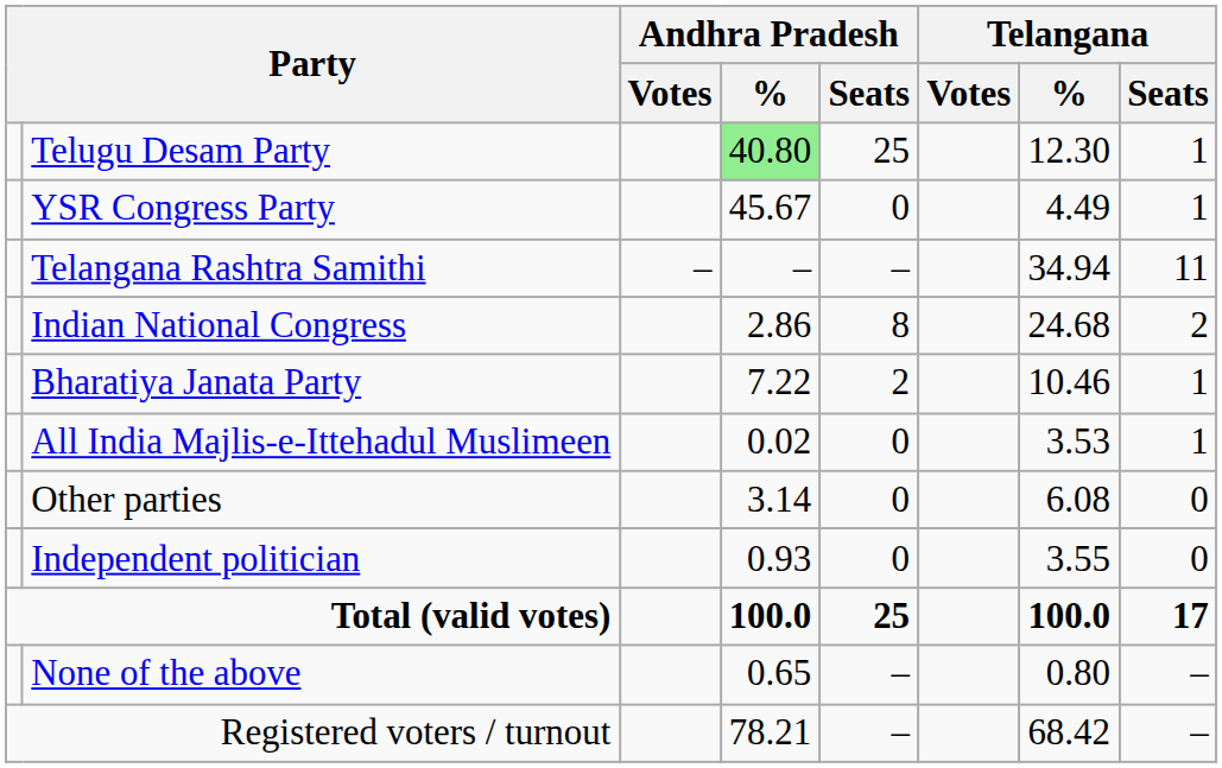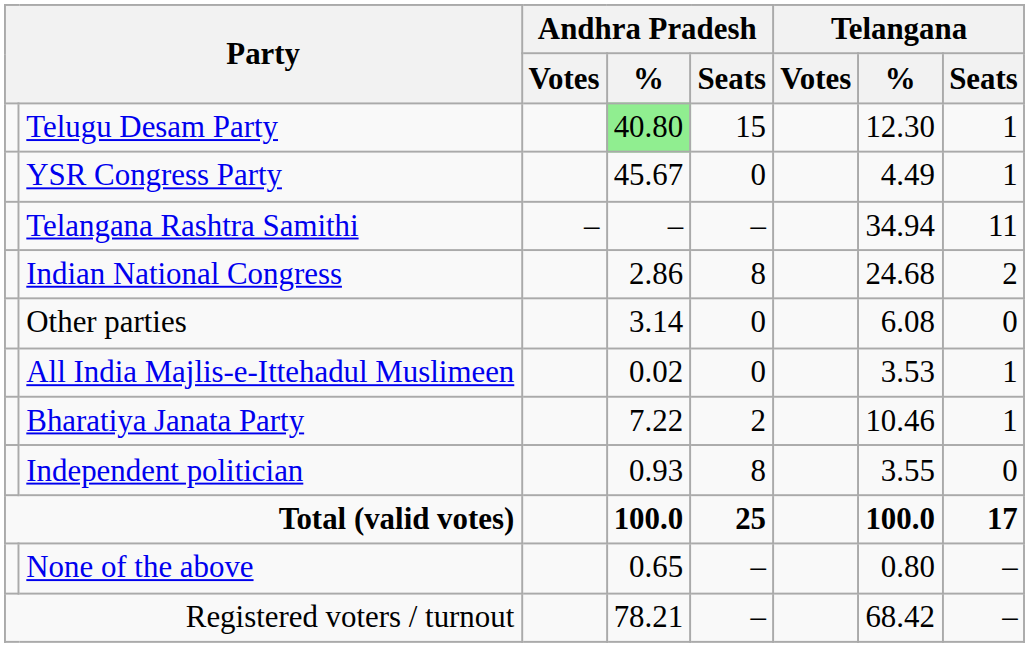 <table class="wikitable sortable" style="text-align:right;">
 <tr>
 <th colspan=2 rowspan=2>Party</th>
 <th colspan=3>Andhra Pradesh</th>
 <th colspan=3>Telangana</th>
 </tr>
 <tr>
 <th>Votes</th>
 <th>%</th>
 <th>Seats</th>
 <th>Votes</th>
 <th>%</th>
 <th>Seats</th>
 </tr>
 <tr>
 <td style="background-color:"></td>
 <td style="text-align:left;"><a href='#'>Telugu Desam Party</a></td>
 <td></td>
 <td style="background: lightgreen;">40.80</td>
-<td>25</td>
+<td>15</td>
 <td></td>
 <td>12.30</td>
 <td>1</td>
 </tr>
 <tr>
 <td style="background-color:"></td>
 <td style="text-align:left;"><a href='#'>YSR Congress Party</a></td>
 <td></td>
 <td>45.67</td>
 <td>0</td>
 <td></td>
 <td>4.49</td>
 <td>1</td>
 </tr>
 <tr>
 <td style="background-color:"></td>
 <td style="text-align:left;"><a href='#'>Telangana Rashtra Samithi</a></td>
 <td>–</td>
 <td>–</td>
 <td>–</td>
 <td></td>
 <td>34.94</td>
 <td>11</td>
 </tr>
 <tr>
 <td style="background-color:"></td>
 <td style="text-align:left;"><a href='#'>Indian National Congress</a></td>
 <td></td>
 <td>2.86</td>
 <td>8</td>
 <td></td>
 <td>24.68</td>
 <td>2</td>
 </tr>
 <tr>
 <td style="background-color:"></td>
-<td style="text-align:left;"><a href='#'>Bharatiya Janata Party</a></td>
+<td style="text-align:left;">Other parties</td>
 <td></td>
-<td>7.22</td>
-<td>2</td>
+<td>3.14</td>
+<td>0</td>
 <td></td>
-<td>10.46</td>
-<td>1</td>
+<td>6.08</td>
+<td>0</td>
 </tr>
 <tr>
 <td style="background-color:"></td>
 <td style="text-align:left;"><a href='#'>All India Majlis-e-Ittehadul Muslimeen</a></td>
 <td></td>
 <td>0.02</td>
 <td>0</td>
 <td></td>
 <td>3.53</td>
 <td>1</td>
 </tr>
 <tr>
 <td style="background-color:"></td>
-<td style="text-align:left;">Other parties</td>
+<td style="text-align:left;"><a href='#'>Bharatiya Janata Party</a></td>
 <td></td>
-<td>3.14</td>
-<td>0</td>
+<td>7.22</td>
+<td>2</td>
 <td></td>
-<td>6.08</td>
-<td>0</td>
+<td>10.46</td>
+<td>1</td>
 </tr>
 <tr>
 <td style="background-color:"></td>
 <td style="text-align:left;"><a href='#'>Independent politician</a></td>
 <td></td>
 <td>0.93</td>
-<td>0</td>
+<td>8</td>
 <td></td>
 <td>3.55</td>
 <td>0</td>
 </tr>
 <tr style="font-weight:bold;" class="sortbottom">
 <td colspan=2>Total (valid votes)</td>
 <td></td>
 <td>100.0</td>
 <td>25</td>
 <td></td>
 <td>100.0</td>
 <td>17</td>
 </tr>
 <tr class="sortbottom">
 <td style="background-color:"></td>
 <td style="text-align:left;"><a href='#'>None of the above</a></td>
 <td></td>
 <td>0.65</td>
 <td>–</td>
 <td></td>
 <td>0.80</td>
 <td>–</td>
 </tr>
 <tr class="sortbottom">
 <td colspan=2>Registered voters / turnout</td>
 <td></td>
 <td>78.21</td>
 <td>–</td>
 <td></td>
 <td>68.42</td>
 <td>–</td>
 </tr>
 </table>
